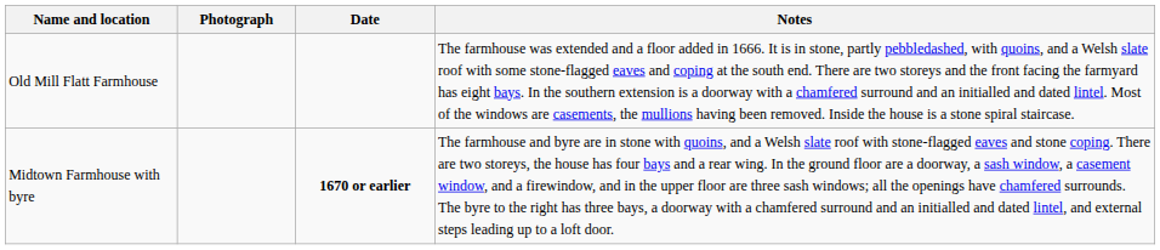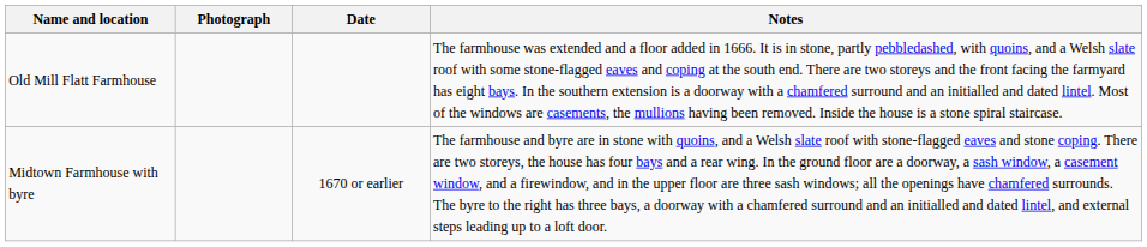 <table class="wikitable sortable plainrowheaders" style="width:100%;border:0px;text-align:left;line-height:150%;">
 <tr>
 <th scope="col"  style="width:150px">Name and location</th>
 <th scope="col"  style="width:100px" class="unsortable">Photograph</th>
 <th scope="col"  style="width:120px">Date</th>
 <th scope="col"  style="width:650px" class="unsortable">Notes</th>
 </tr>
 <tr>
 <td>Old Mill Flatt Farmhouse<br><small></small></td>
 <td></td>
 <td align="center"></td>
 <td>The farmhouse was extended and a floor added in 1666.  It is in stone, partly <a href='#'>pebbledashed</a>, with <a href='#'>quoins</a>, and a Welsh <a href='#'>slate</a> roof with some stone-flagged <a href='#'>eaves</a> and <a href='#'>coping</a> at the south end.  There are two storeys and the front facing the farmyard has eight <a href='#'>bays</a>.  In the southern extension is a doorway with a <a href='#'>chamfered</a> surround and an initialled and dated <a href='#'>lintel</a>.  Most of the windows are <a href='#'>casements</a>, the <a href='#'>mullions</a> having been removed.  Inside the house is a stone spiral staircase.</td>
 </tr>
 <tr>
 <td>Midtown Farmhouse with byre<br><small></small></td>
 <td></td>
-<td align="center"><strong>1670 or earlier</strong></td>
+<td align="center">1670 or earlier</td>
 <td>The farmhouse and byre are in stone with <a href='#'>quoins</a>, and a Welsh <a href='#'>slate</a> roof with stone-flagged <a href='#'>eaves</a> and stone <a href='#'>coping</a>.  There are two storeys, the house has four <a href='#'>bays</a> and a rear wing.  In the ground floor are a doorway, a <a href='#'>sash window</a>, a <a href='#'>casement window</a>, and a firewindow, and in the upper floor are three sash windows; all the openings have <a href='#'>chamfered</a> surrounds.  The byre to the right has three bays, a doorway with a chamfered surround and an initialled and dated <a href='#'>lintel</a>, and external steps leading up to a loft door.</td>
 </tr>
 <tr>
 </tr>
 </table>
